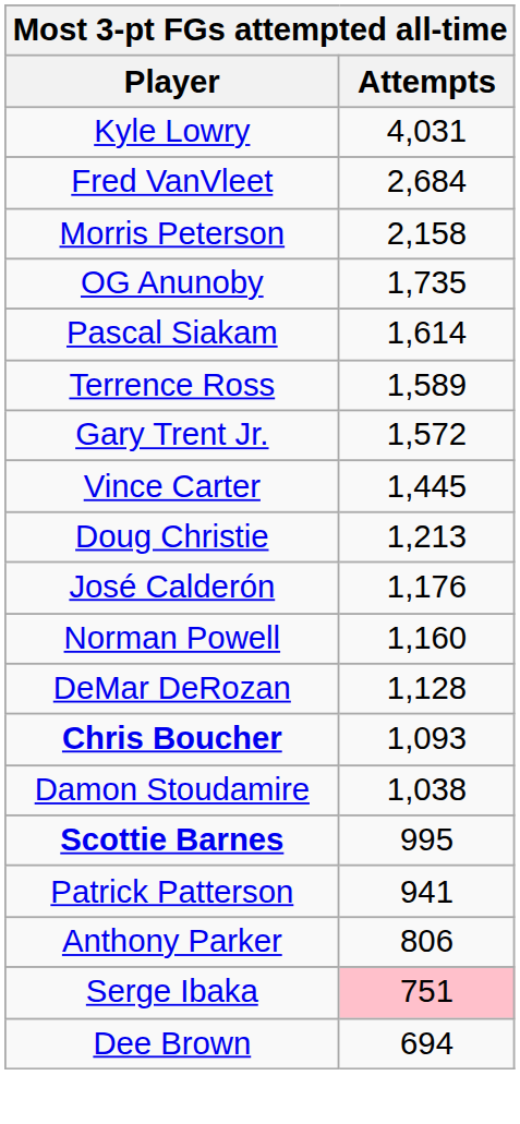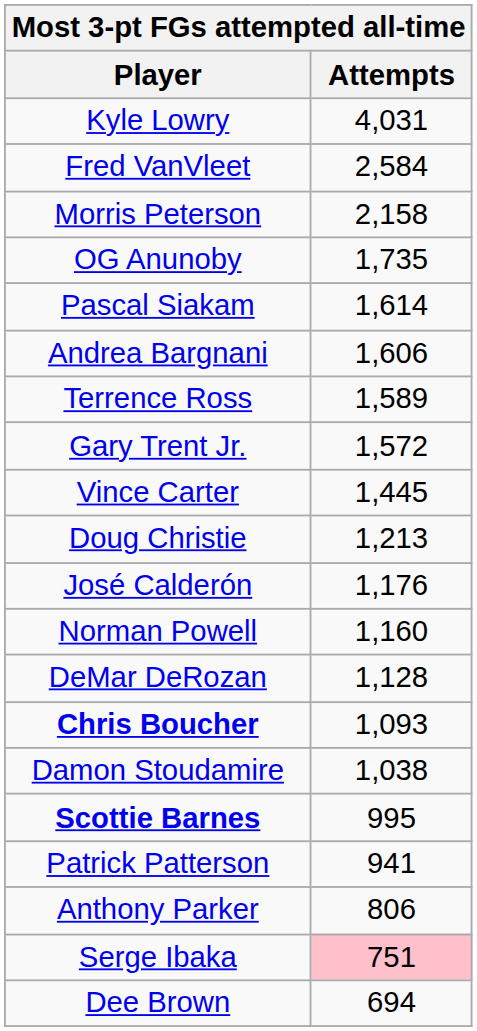 <table class="wikitable sortable" style="text-align:center">
 <tr>
 <th colspan="2">Most 3-pt FGs attempted all-time</th>
 </tr>
 <tr>
 <th>Player</th>
 <th>Attempts</th>
 </tr>
 <tr>
 <td><a href='#'>Kyle Lowry</a></td>
 <td>4,031</td>
 </tr>
 <tr>
 <td><a href='#'>Fred VanVleet</a></td>
-<td>2,684</td>
+<td>2,584</td>
 </tr>
 <tr>
 <td><a href='#'>Morris Peterson</a></td>
 <td>2,158</td>
 </tr>
 <tr>
 <td><a href='#'>OG Anunoby</a></td>
 <td>1,735</td>
 </tr>
 <tr>
 <td><a href='#'>Pascal Siakam</a></td>
 <td>1,614</td>
+</tr>
+<tr>
+<td><a href='#'>Andrea Bargnani</a></td>
+<td>1,606</td>
 </tr>
 <tr>
 <td><a href='#'>Terrence Ross</a></td>
 <td>1,589</td>
 </tr>
 <tr>
 <td><a href='#'>Gary Trent Jr.</a></td>
 <td>1,572</td>
 </tr>
 <tr>
 <td><a href='#'>Vince Carter</a></td>
 <td>1,445</td>
 </tr>
 <tr>
 <td><a href='#'>Doug Christie</a></td>
 <td>1,213</td>
 </tr>
 <tr>
 <td><a href='#'>José Calderón</a></td>
 <td>1,176</td>
 </tr>
 <tr>
 <td><a href='#'>Norman Powell</a></td>
 <td>1,160</td>
 </tr>
 <tr>
 <td><a href='#'>DeMar DeRozan</a></td>
 <td>1,128</td>
 </tr>
 <tr>
 <td><strong><a href='#'>Chris Boucher</a></strong></td>
 <td>1,093</td>
 </tr>
 <tr>
 <td><a href='#'>Damon Stoudamire</a></td>
 <td>1,038</td>
 </tr>
 <tr>
 <td><strong><a href='#'>Scottie Barnes</a></strong></td>
 <td>995</td>
 </tr>
 <tr>
 <td><a href='#'>Patrick Patterson</a></td>
 <td>941</td>
 </tr>
 <tr>
 <td><a href='#'>Anthony Parker</a></td>
 <td>806</td>
 </tr>
 <tr>
 <td><a href='#'>Serge Ibaka</a></td>
 <td style="background: pink;">751</td>
 </tr>
 <tr>
 <td><a href='#'>Dee Brown</a></td>
 <td>694</td>
 </tr>
 </table>
